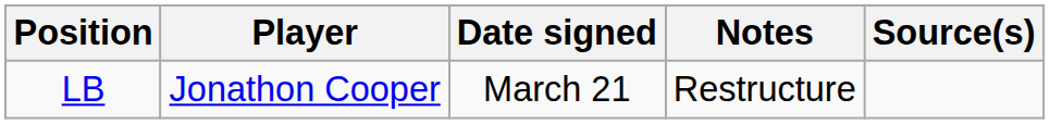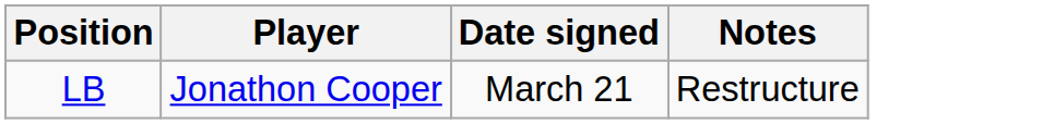 <table class="wikitable" style="text-align:center">
 <tr>
 <th>Position</th>
 <th>Player</th>
 <th>Date signed</th>
 <th>Notes</th>
-<th>Source(s)</th>
 </tr>
 <tr>
 <td><a href='#'>LB</a></td>
 <td><a href='#'>Jonathon Cooper</a></td>
 <td>March 21</td>
 <td>Restructure</td>
-<td></td>
 </tr>
 </table>
